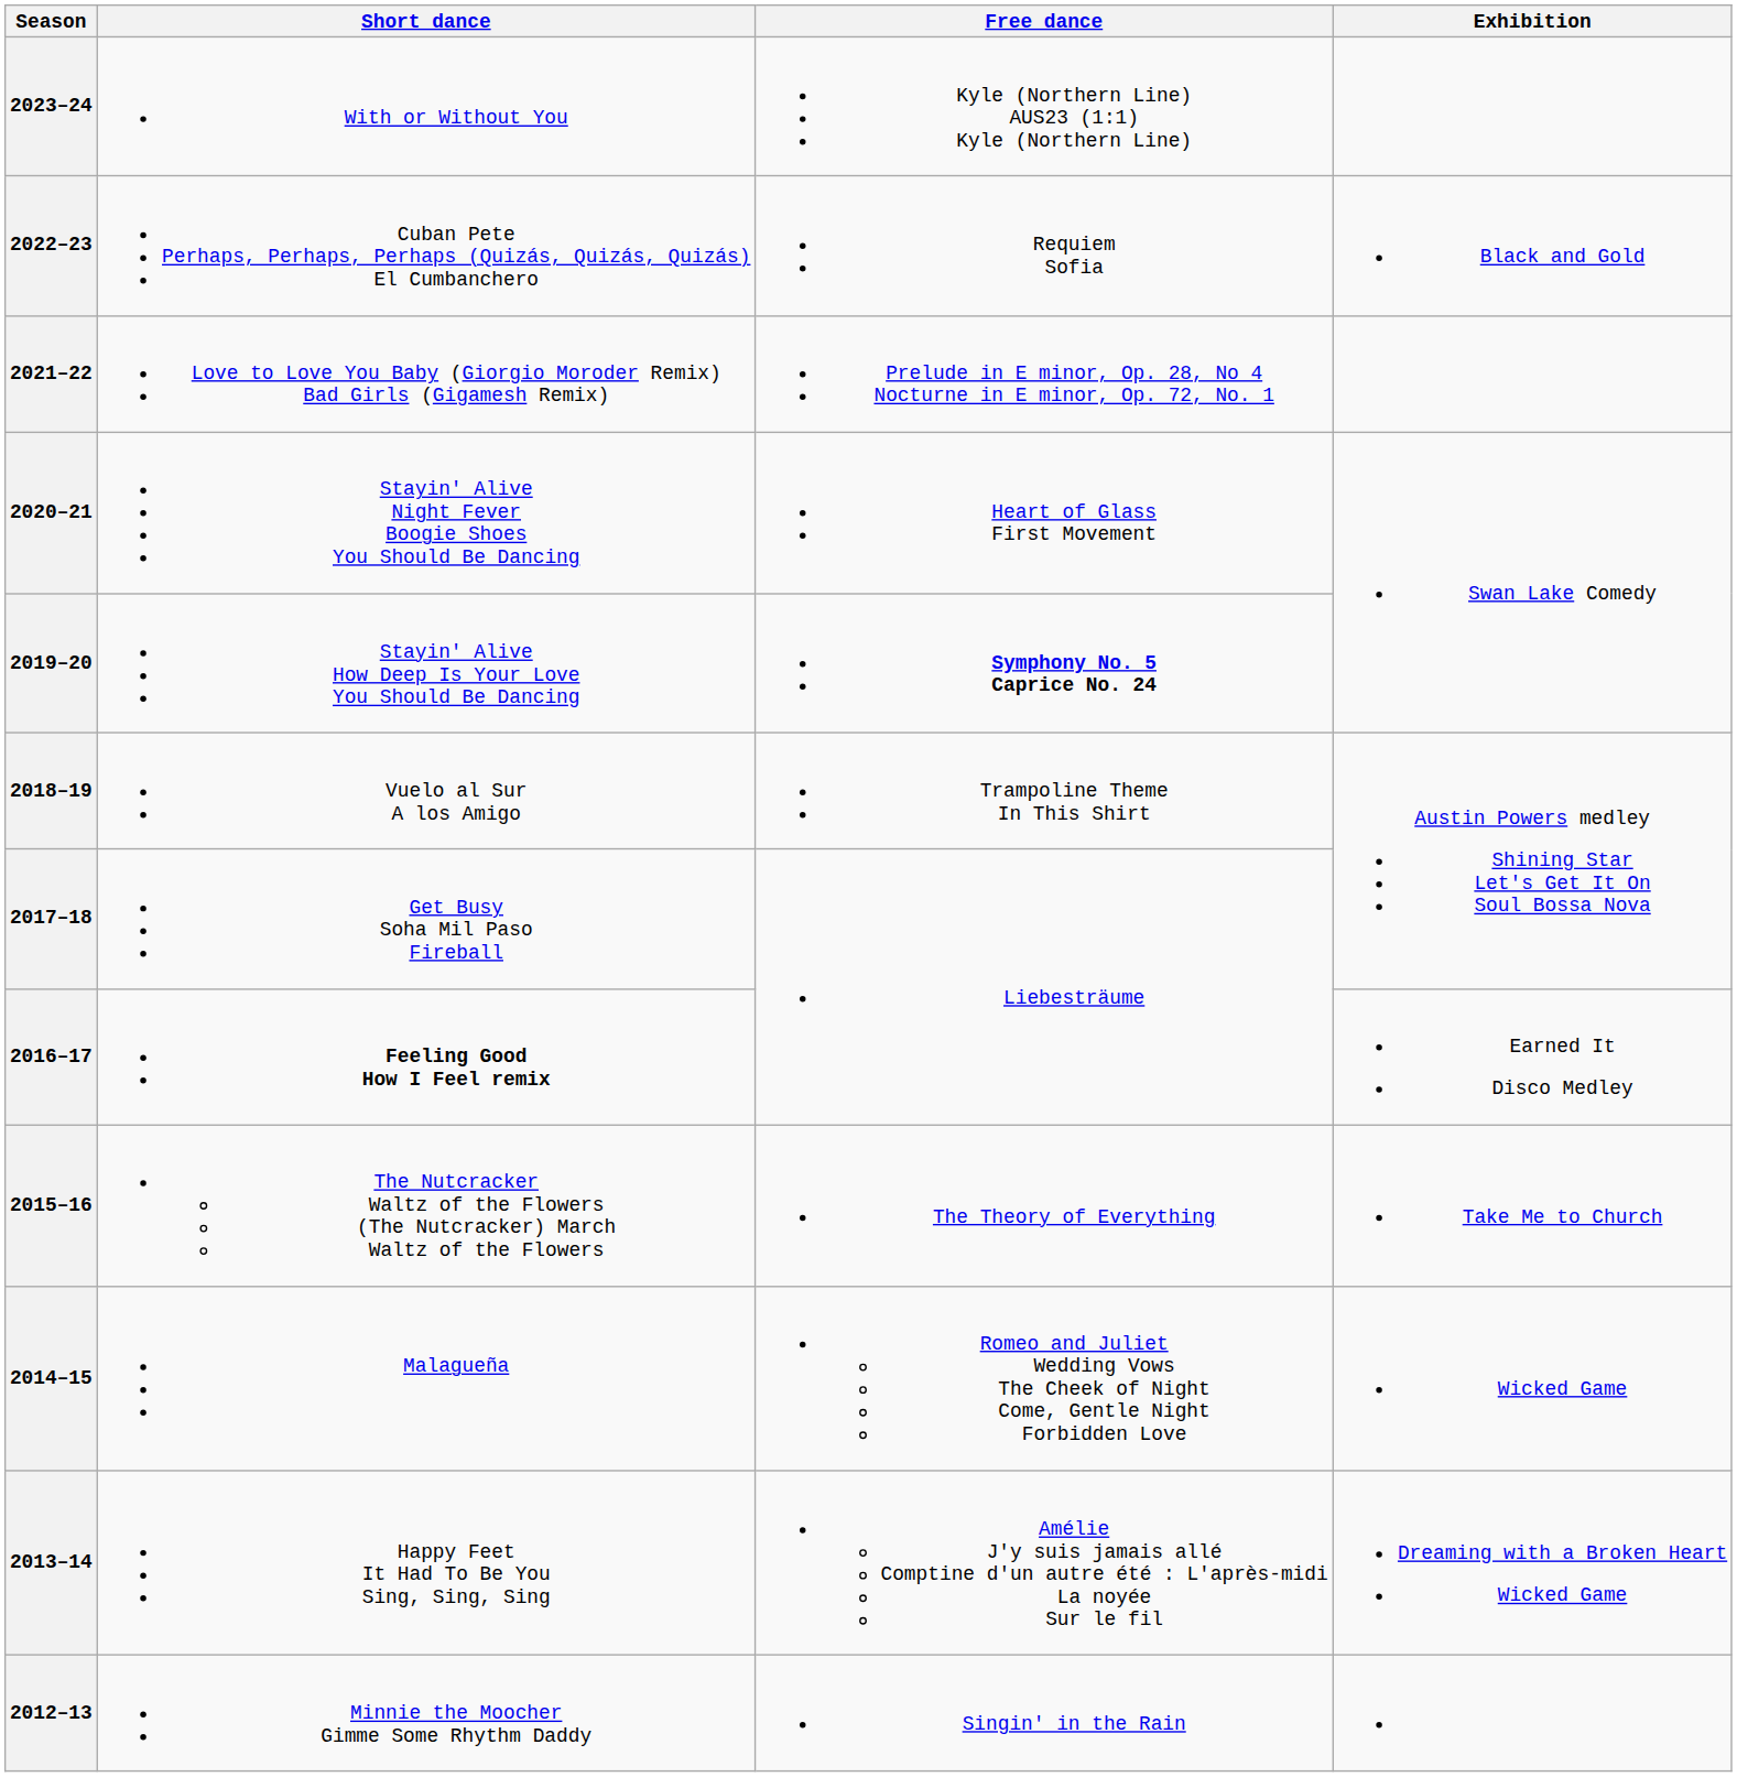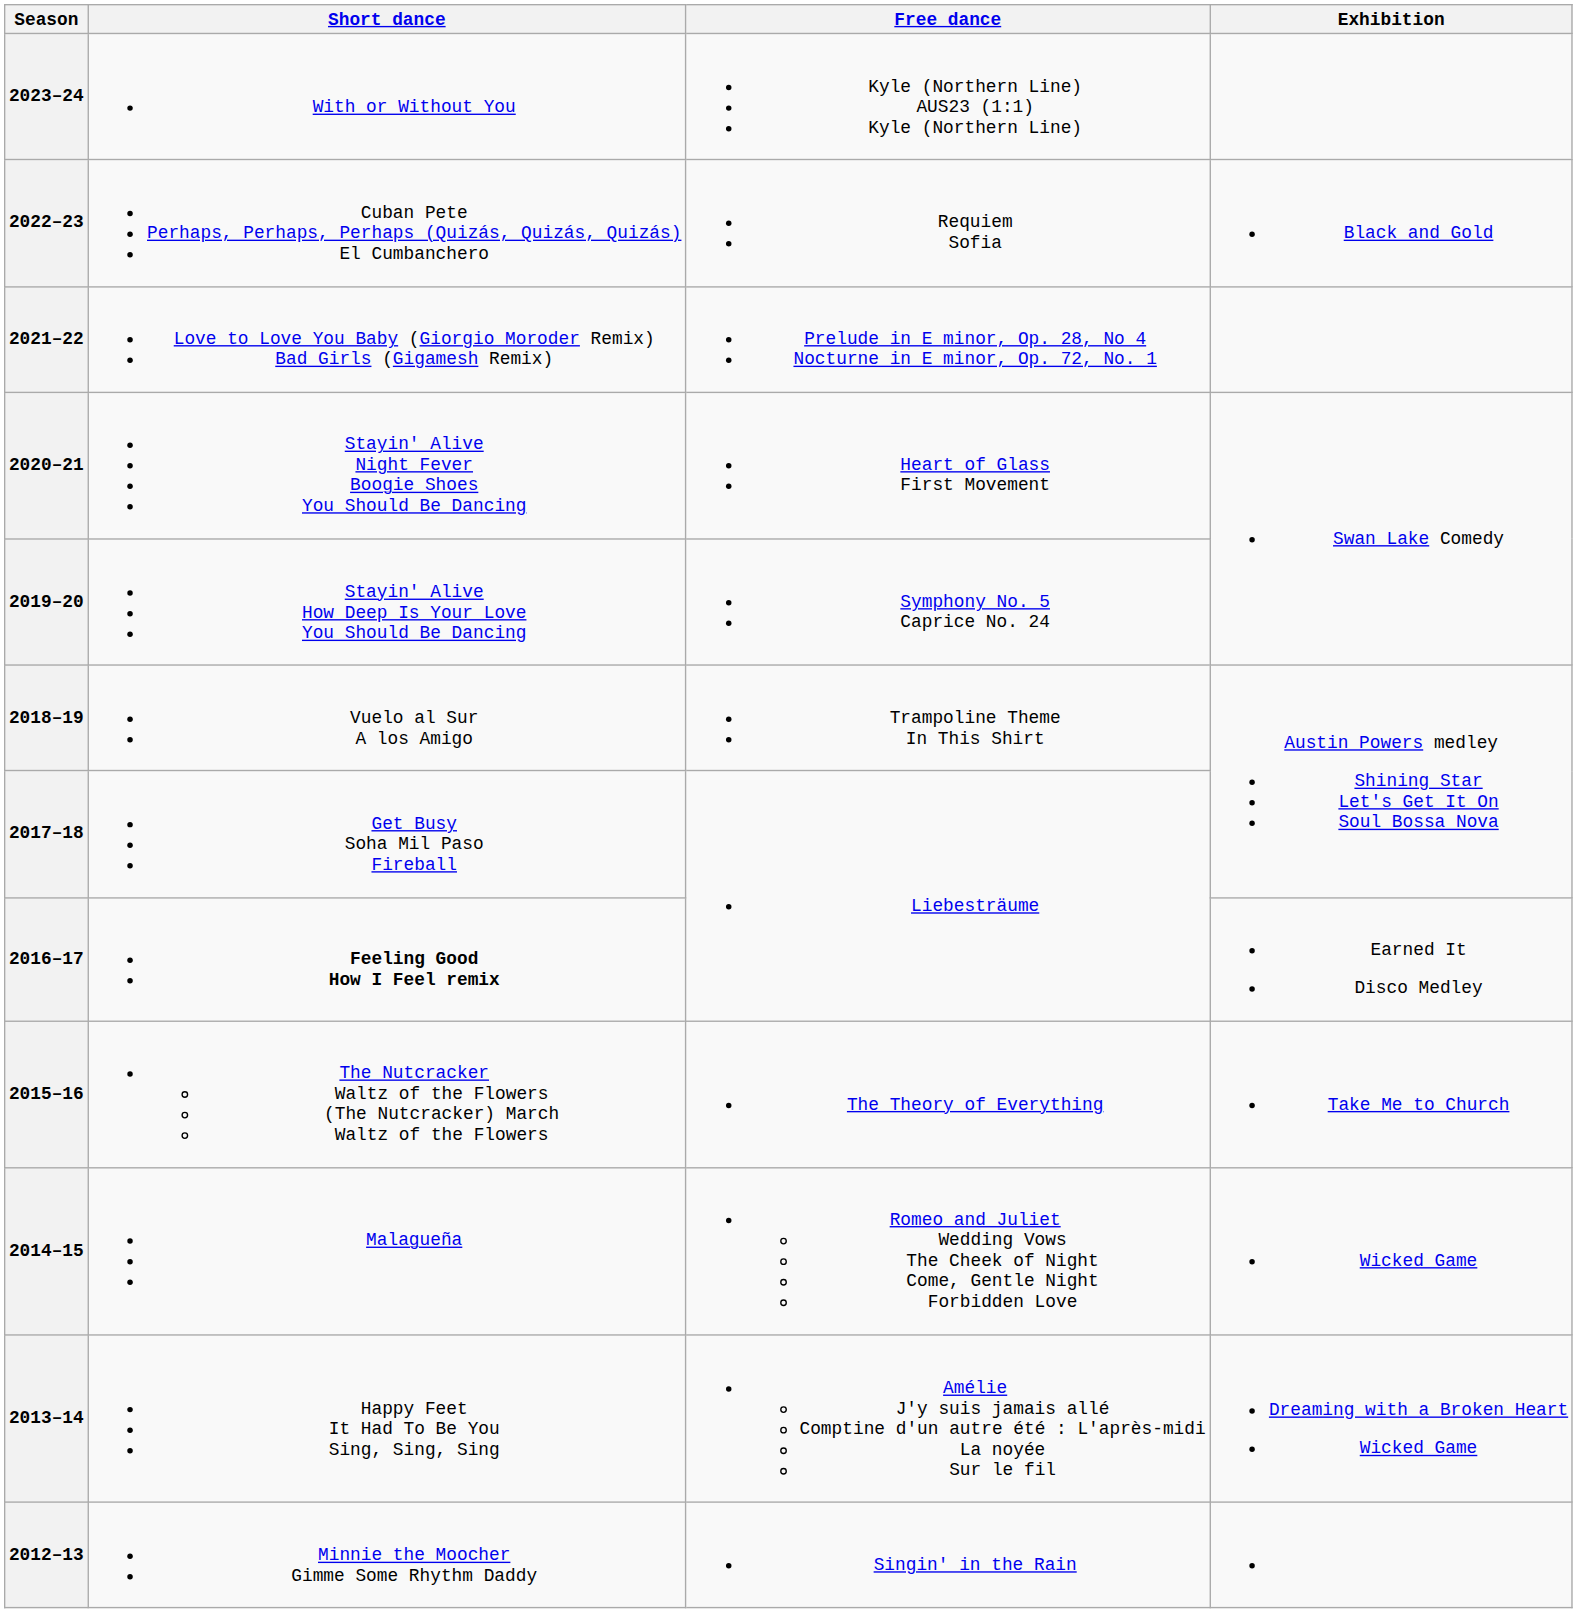 <table class=wikitable style=text-align:center>
 <tr>
 <th>Season</th>
 <th><a href='#'>Short dance</a></th>
 <th><a href='#'>Free dance</a></th>
 <th>Exhibition</th>
 </tr>
 <tr>
 <th>2023–24 <br> </th>
 <td><br><ul><li><a href='#'>With or Without You</a> <br> </li></ul></td>
 <td><br><ul><li>Kyle (Northern Line) <br> </li><li>AUS23 (1:1) <br> </li><li>Kyle (Northern Line) <br> </li></ul></td>
 </tr>
 <tr>
 <th>2022–23 <br> </th>
 <td><br><ul><li> Cuban Pete <br> </li><li> <a href='#'>Perhaps, Perhaps, Perhaps (Quizás, Quizás, Quizás)</a> <br> </li><li>  El Cumbanchero <br> </li></ul></td>
 <td><br><ul><li>Requiem <br> </li><li>Sofia <br> </li></ul></td>
 <td><br><ul><li><a href='#'>Black and Gold</a> <br></li></ul></td>
 </tr>
 <tr>
 <th>2021–22 <br> </th>
 <td><br><ul><li> <a href='#'>Love to Love You Baby</a> (<a href='#'>Giorgio Moroder</a> Remix)</li><li> <a href='#'>Bad Girls</a> (<a href='#'>Gigamesh</a> Remix) <br> </li></ul></td>
 <td><br><ul><li><a href='#'>Prelude in E minor, Op. 28, No 4</a></li><li><a href='#'>Nocturne in E minor, Op. 72, No. 1</a> <br> </li></ul></td>
 <td></td>
 </tr>
 <tr>
 <th>2020–21 <br> </th>
 <td><br><ul><li> <a href='#'>Stayin' Alive</a></li><li> <a href='#'>Night Fever</a> <br> </li><li> <a href='#'>Boogie Shoes</a> <br> </li><li> <a href='#'>You Should Be Dancing</a> <br> </li></ul></td>
 <td><br><ul><li><a href='#'>Heart of Glass</a> <br> </li><li>First Movement <br> </li></ul></td>
 <td rowspan=2><br><ul><li><a href='#'>Swan Lake</a> Comedy</li></ul></td>
 </tr>
 <tr>
 <th>2019–20 <br></th>
 <td><br><ul><li> <a href='#'>Stayin' Alive</a></li><li> <a href='#'>How Deep Is Your Love</a> <br> </li><li> <a href='#'>You Should Be Dancing</a> <br> </li></ul></td>
-<td><strong><br><ul><li><a href='#'>Symphony No. 5</a> <br> </li><li>Caprice No. 24 <br> </li></ul></strong></td>
+<td><br><ul><li><a href='#'>Symphony No. 5</a> <br> </li><li>Caprice No. 24 <br> </li></ul></td>
 </tr>
 <tr>
 <th>2018–19 <br></th>
 <td><br><ul><li> Vuelo al Sur <br> </li><li> A los Amigo <br> </li></ul></td>
 <td><br><ul><li>Trampoline Theme</li><li>In This Shirt <br> </li></ul></td>
 <td rowspan=2><br><a href='#'>Austin Powers</a> medley<ul><li><a href='#'>Shining Star</a> <br></li><li><a href='#'>Let's Get It On</a> <br></li><li><a href='#'>Soul Bossa Nova</a> <br></li></ul></td>
 </tr>
 <tr>
 <th>2017–18 <br></th>
 <td><br><ul><li> <a href='#'>Get Busy</a> <br> </li><li> Soha Mil Paso <br> </li><li> <a href='#'>Fireball</a> <br> </li></ul></td>
 <td rowspan=2><br><ul><li><a href='#'>Liebesträume</a> <br></li></ul></td>
 </tr>
 <tr>
 <th>2016–17 <br></th>
 <td><strong><br><ul><li> Feeling Good <br></li><li> How I Feel remix <br></li></ul></strong></td>
 <td><br><ul><li>Earned It<br> </li></ul><ul><li>Disco Medley</li></ul></td>
 </tr>
 <tr>
 <th>2015–16 <br> </th>
 <td><br><ul><li><a href='#'>The Nutcracker</a> <br><ul><li> Waltz of the Flowers</li><li> (The Nutcracker) March</li><li> Waltz of the Flowers <br></li></ul></li></ul></td>
 <td><br><ul><li><a href='#'>The Theory of Everything</a> <br></li></ul></td>
 <td><br><ul><li><a href='#'>Take Me to Church</a> <br></li></ul></td>
 </tr>
 <tr>
 <th>2014–15 <br> </th>
 <td><br><ul><li> <a href='#'>Malagueña</a> <br></li><li></li><li></li></ul></td>
 <td><br><ul><li><a href='#'>Romeo and Juliet</a> <br><ul><li>Wedding Vows</li><li>The Cheek of Night</li><li>Come, Gentle Night</li><li>Forbidden Love</li></ul></li></ul></td>
 <td><br><ul><li><a href='#'>Wicked Game</a></li></ul></td>
 </tr>
 <tr>
 <th>2013–14 <br> </th>
 <td><br><ul><li>Happy Feet</li><li>It Had To Be You <br></li><li>Sing, Sing, Sing</li></ul></td>
 <td><br><ul><li><a href='#'>Amélie</a> <br><ul><li>J'y suis jamais allé</li><li>Comptine d'un autre été : L'après-midi</li><li>La noyée</li><li>Sur le fil</li></ul></li></ul></td>
 <td><br><ul><li><a href='#'>Dreaming with a Broken Heart</a></li></ul><ul><li><a href='#'>Wicked Game</a></li></ul></td>
 </tr>
 <tr>
 <th>2012–13 <br> </th>
 <td><br><ul><li><a href='#'>Minnie the Moocher</a> <br></li><li>Gimme Some Rhythm Daddy <br></li></ul></td>
 <td><br><ul><li><a href='#'>Singin' in the Rain</a> <br></li></ul></td>
 <td><br><ul><li></li></ul></td>
 </tr>
 </table>
